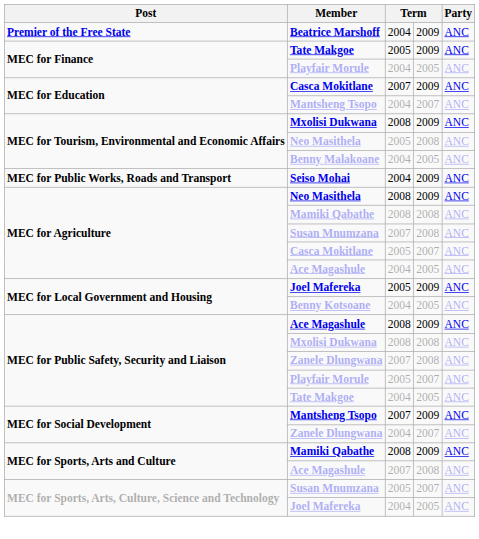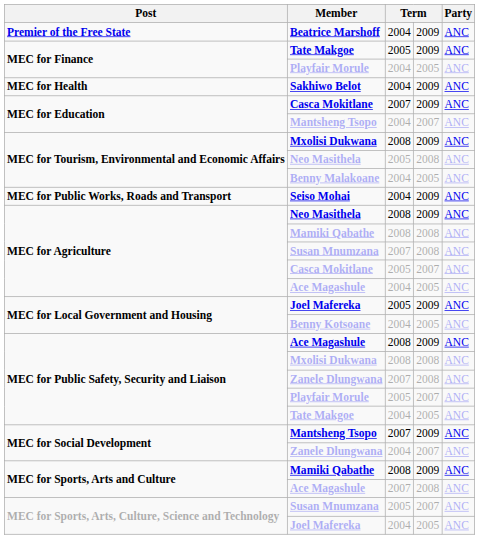 <table class="wikitable">
 <tr>
 <th>Post</th>
 <th>Member</th>
 <th colspan="2">Term</th>
 <th>Party</th>
 </tr>
 <tr>
 <td><strong><a href='#'>Premier of the Free State</a></strong></td>
 <td><strong><a href='#'>Beatrice Marshoff</a></strong></td>
 <td>2004</td>
 <td>2009</td>
 <td><a href='#'>ANC</a></td>
 </tr>
 <tr>
 <td rowspan="2"><strong>MEC for Finance</strong></td>
 <td><strong><a href='#'>Tate Makgoe</a></strong></td>
 <td>2005</td>
 <td>2009</td>
 <td><a href='#'>ANC</a></td>
 </tr>
 <tr style="opacity:.3;">
 <td><strong><a href='#'>Playfair Morule</a></strong></td>
 <td>2004</td>
 <td>2005</td>
+<td><a href='#'>ANC</a></td>
+</tr>
+<tr>
+<td><strong>MEC for Health</strong></td>
+<td><strong><a href='#'>Sakhiwo Belot</a></strong></td>
+<td>2004</td>
+<td>2009</td>
 <td><a href='#'>ANC</a></td>
 </tr>
 <tr>
 <td rowspan="2"><strong>MEC for Education</strong></td>
 <td><strong><a href='#'>Casca Mokitlane</a></strong></td>
 <td>2007</td>
 <td>2009</td>
 <td><a href='#'>ANC</a></td>
 </tr>
 <tr style="opacity:.3;">
 <td><strong><a href='#'>Mantsheng Tsopo</a></strong></td>
 <td>2004</td>
 <td>2007</td>
 <td><a href='#'>ANC</a></td>
 </tr>
 <tr>
 <td rowspan="3"><strong>MEC for Tourism, Environmental and Economic Affairs</strong></td>
 <td><strong><a href='#'>Mxolisi Dukwana</a></strong></td>
 <td>2008</td>
 <td>2009</td>
 <td><a href='#'>ANC</a></td>
 </tr>
 <tr style="opacity:.3;">
 <td><strong><a href='#'>Neo Masithela</a></strong></td>
 <td>2005</td>
 <td>2008</td>
 <td><a href='#'>ANC</a></td>
 </tr>
 <tr style="opacity:.3;">
 <td><strong><a href='#'>Benny Malakoane</a></strong></td>
 <td>2004</td>
 <td>2005</td>
 <td><a href='#'>ANC</a></td>
 </tr>
 <tr>
 <td><strong>MEC for Public Works, Roads and Transport</strong></td>
 <td><strong><a href='#'>Seiso Mohai</a></strong></td>
 <td>2004</td>
 <td>2009</td>
 <td><a href='#'>ANC</a></td>
 </tr>
 <tr>
 <td rowspan="5"><strong>MEC for Agriculture</strong></td>
 <td><strong><a href='#'>Neo Masithela</a></strong></td>
 <td>2008</td>
 <td>2009</td>
 <td><a href='#'>ANC</a></td>
 </tr>
 <tr style="opacity:.3;">
 <td><strong><a href='#'>Mamiki Qabathe</a></strong></td>
 <td>2008</td>
 <td>2008</td>
 <td><a href='#'>ANC</a></td>
 </tr>
 <tr style="opacity:.3;">
 <td><strong><a href='#'>Susan Mnumzana</a></strong></td>
 <td>2007</td>
 <td>2008</td>
 <td><a href='#'>ANC</a></td>
 </tr>
 <tr style="opacity:.3;">
 <td><strong><a href='#'>Casca Mokitlane</a></strong></td>
 <td>2005</td>
 <td>2007</td>
 <td><a href='#'>ANC</a></td>
 </tr>
 <tr style="opacity:.3;">
 <td><strong><a href='#'>Ace Magashule</a></strong></td>
 <td>2004</td>
 <td>2005</td>
 <td><a href='#'>ANC</a></td>
 </tr>
 <tr>
 <td rowspan="2"><strong>MEC for Local Government and Housing</strong></td>
 <td><strong><a href='#'>Joel Mafereka</a></strong></td>
 <td>2005</td>
 <td>2009</td>
 <td><a href='#'>ANC</a></td>
 </tr>
 <tr style="opacity:.3;">
 <td><strong><a href='#'>Benny Kotsoane</a></strong></td>
 <td>2004</td>
 <td>2005</td>
 <td><a href='#'>ANC</a></td>
 </tr>
 <tr>
 <td rowspan="5"><strong>MEC for Public Safety, Security and Liaison</strong></td>
 <td><strong><a href='#'>Ace Magashule</a></strong></td>
 <td>2008</td>
 <td>2009</td>
 <td><a href='#'>ANC</a></td>
 </tr>
 <tr style="opacity:.3;">
 <td><strong><a href='#'>Mxolisi Dukwana</a></strong></td>
 <td>2008</td>
 <td>2008</td>
 <td><a href='#'>ANC</a></td>
 </tr>
 <tr style="opacity:.3;">
 <td><strong><a href='#'>Zanele Dlungwana</a></strong></td>
 <td>2007</td>
 <td>2008</td>
 <td><a href='#'>ANC</a></td>
 </tr>
 <tr style="opacity:.3;">
 <td><strong><a href='#'>Playfair Morule</a></strong></td>
 <td>2005</td>
 <td>2007</td>
 <td><a href='#'>ANC</a></td>
 </tr>
 <tr style="opacity:.3;">
 <td><strong><a href='#'>Tate Makgoe</a></strong></td>
 <td>2004</td>
 <td>2005</td>
 <td><a href='#'>ANC</a></td>
 </tr>
 <tr>
 <td rowspan="2"><strong>MEC for Social Development</strong></td>
 <td><strong><a href='#'>Mantsheng Tsopo</a></strong></td>
 <td>2007</td>
 <td>2009</td>
 <td><a href='#'>ANC</a></td>
 </tr>
 <tr style="opacity:.3;">
 <td><strong><a href='#'>Zanele Dlungwana</a></strong></td>
 <td>2004</td>
 <td>2007</td>
 <td><a href='#'>ANC</a></td>
 </tr>
 <tr>
 <td rowspan="2"><strong>MEC for Sports, Arts and Culture</strong></td>
 <td><strong><a href='#'>Mamiki Qabathe</a></strong></td>
 <td>2008</td>
 <td>2009</td>
 <td><a href='#'>ANC</a></td>
 </tr>
 <tr style="opacity:.3;">
 <td><strong><a href='#'>Ace Magashule</a></strong></td>
 <td>2007</td>
 <td>2008</td>
 <td><a href='#'>ANC</a></td>
 </tr>
 <tr style="opacity:.3;">
 <td rowspan="2"><strong>MEC for Sports, Arts, Culture, Science and Technology</strong></td>
 <td><strong><a href='#'>Susan Mnumzana</a></strong></td>
 <td>2005</td>
 <td>2007</td>
 <td><a href='#'>ANC</a></td>
 </tr>
 <tr style="opacity:.3;">
 <td><strong><a href='#'>Joel Mafereka</a></strong></td>
 <td>2004</td>
 <td>2005</td>
 <td><a href='#'>ANC</a></td>
 </tr>
 </table>
